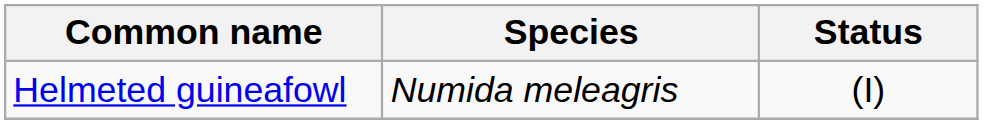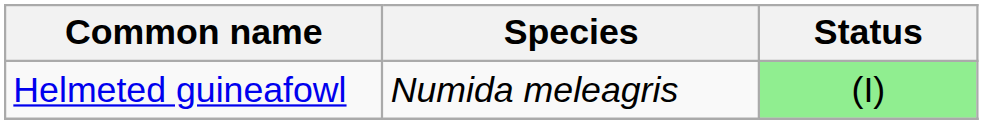 <table width=70% class="wikitable">
 <tr>
 <th width=20%>Common name</th>
 <th width=20%>Species</th>
 <th width=10%>Status</th>
 </tr>
 <tr>
 <td><a href='#'>Helmeted guineafowl</a></td>
 <td><em>Numida meleagris</em></td>
-<td align=center>(I)</td>
+<td align=center style="background: lightgreen;">(I)</td>
 </tr>
 <tr>
 </tr>
 </table>
